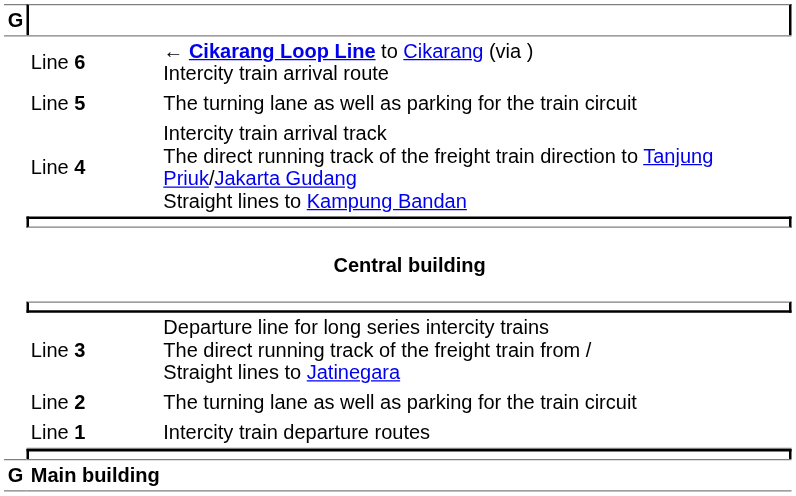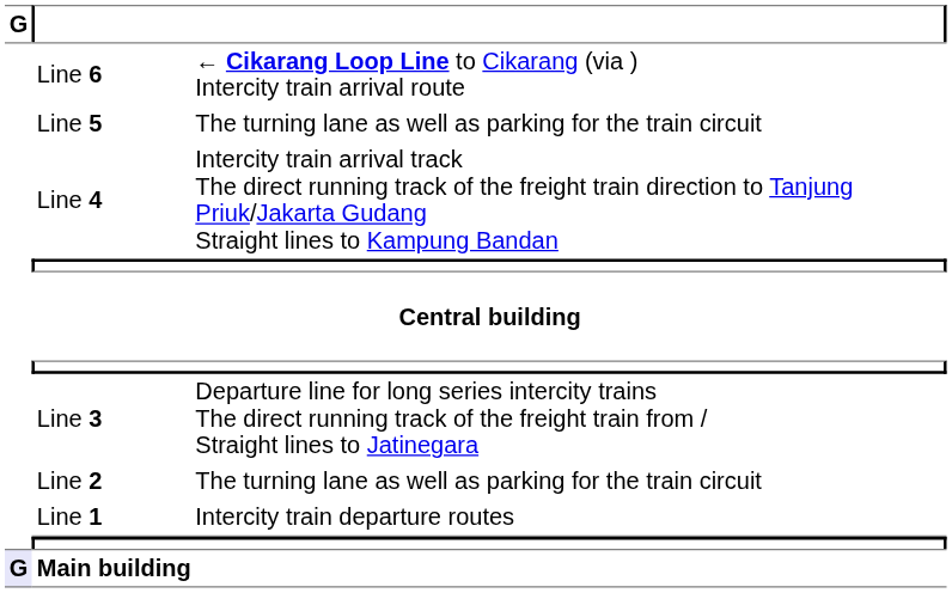 <table cellpadding="3" cellspacing="0">
 <tr>
 <td style="border-top:solid 1px gray;"><strong>G</strong></td>
 <td colspan="2" style="border-top:solid 1px gray;border-left:solid 2px black;border-right:solid 2px black;text-align:center"></td>
 </tr>
 <tr>
 <td rowspan="10" style="border-top:solid 1px gray;"></td>
 <td style="border-top:solid 1px gray;">Line <strong>6</strong></td>
 <td style="border-top:solid 1px gray;">←  <strong><a href='#'>Cikarang Loop Line</a></strong> to <a href='#'>Cikarang</a> (via )<br>Intercity train arrival route</td>
 </tr>
 <tr>
 <td>Line <strong>5</strong></td>
 <td>The turning lane as well as parking for the train circuit</td>
 </tr>
 <tr>
 <td>Line <strong>4</strong></td>
 <td>Intercity train arrival track<br>The direct running track of the freight train direction to <a href='#'>Tanjung Priuk</a>/<a href='#'>Jakarta Gudang</a><br>Straight lines to <a href='#'>Kampung Bandan</a></td>
 </tr>
 <tr>
 <td style="border-top:solid 2px black;border-bottom:solid 1px grey;border-left:solid 2px black;border-right:solid 2px black;text-align:center"colspan="2"></td>
 </tr>
 <tr>
 <td colspan="2" style="text-align:center;height:40pt"><strong>Central building</strong></td>
 </tr>
 <tr>
 <td style="border-top:solid 1px gray;border-bottom:solid 2px black;border-left:solid 2px black;border-right:solid 2px black;text-align:center" colspan="2"></td>
 </tr>
 <tr>
 <td>Line <strong>3</strong></td>
 <td>Departure line for long series intercity trains<br>The direct running track of the freight train from /<br>Straight lines to <a href='#'>Jatinegara</a></td>
 </tr>
 <tr>
 <td width="100">Line <strong>2</strong></td>
 <td width="500">The turning lane as well as parking for the train circuit</td>
 </tr>
 <tr>
 <td style="border-bottom:solid 1px gray;">Line <strong>1</strong></td>
 <td style="border-bottom:solid 1px gray;">Intercity train departure routes</td>
 </tr>
 <tr>
 <td style="border-top:solid 2px black;border-left:solid 2px black;border-right:solid 2px black;text-align:center" colspan="2"></td>
 </tr>
 <tr>
-<td style="border-top:solid 1px gray;border-bottom:solid 1px gray;"><strong>G</strong></td>
+<td style="background: lavender; border-top:solid 1px gray;border-bottom:solid 1px gray;"><strong>G</strong></td>
 <td colspan="2" style="border-top:solid 1px gray;border-bottom:solid 1px gray;"><strong>Main building</strong></td>
 </tr>
 </table>
